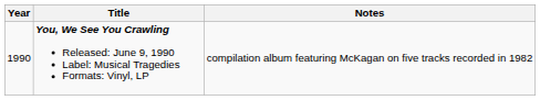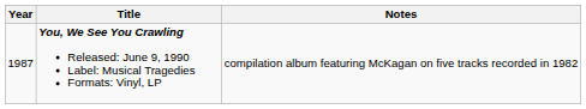 <table class="wikitable">
 <tr>
 <th>Year</th>
 <th width="250">Title</th>
 <th>Notes</th>
 </tr>
 <tr>
-<td>1990</td>
+<td>1987</td>
 <td><strong><em>You, We See You Crawling</em></strong><br><ul><li>Released: June 9, 1990</li><li>Label: Musical Tragedies</li><li>Formats: Vinyl, LP</li></ul></td>
 <td>compilation album featuring McKagan on five tracks recorded in 1982</td>
 </tr>
 </table>
